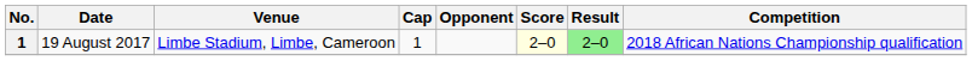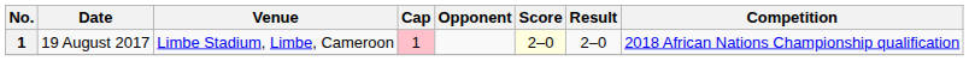 <table class="wikitable sortable plainrowheaders">
 <tr>
 <th scope=col>No.</th>
 <th scope=col>Date</th>
 <th scope=col>Venue</th>
 <th scope=col>Cap</th>
 <th scope=col>Opponent</th>
 <th scope=col>Score</th>
 <th scope=col>Result</th>
 <th scope=col>Competition</th>
 </tr>
 <tr>
 <th scope=row style=text-align:center>1</th>
 <td>19 August 2017</td>
 <td><a href='#'>Limbe Stadium</a>, <a href='#'>Limbe</a>, Cameroon</td>
-<td align=center>1</td>
+<td align=center style="background: pink;">1</td>
 <td></td>
 <td align=center style="background: lightyellow;">2–0</td>
-<td align=center style="background: lightgreen;">2–0</td>
+<td align=center>2–0</td>
 <td><a href='#'>2018 African Nations Championship qualification</a></td>
 </tr>
 <tr>
 </tr>
 </table>
